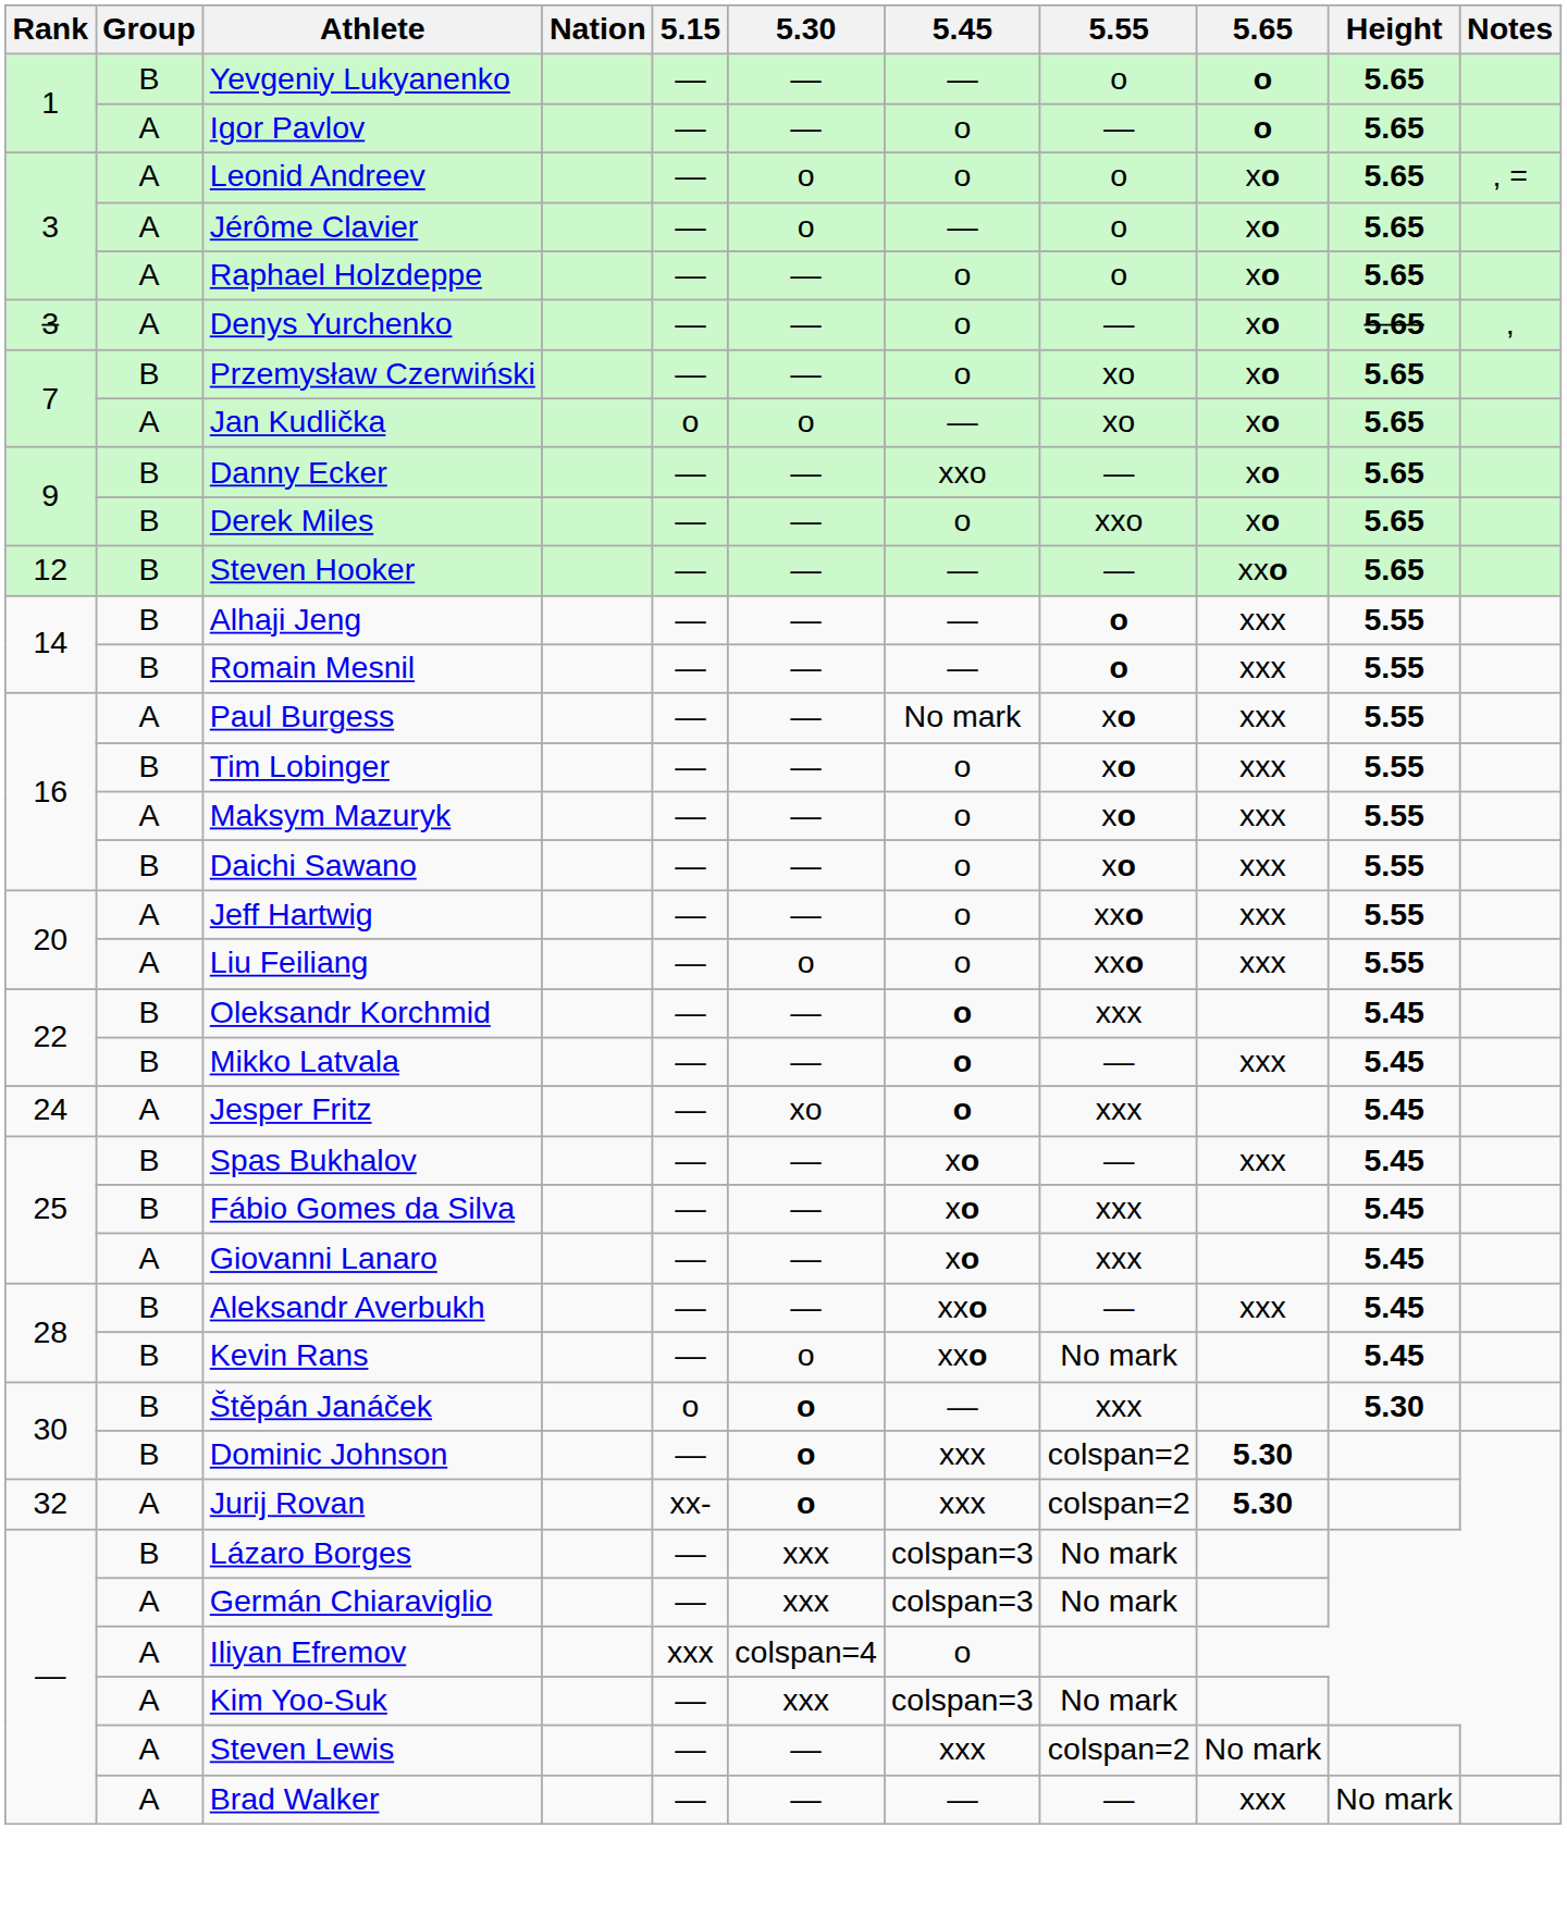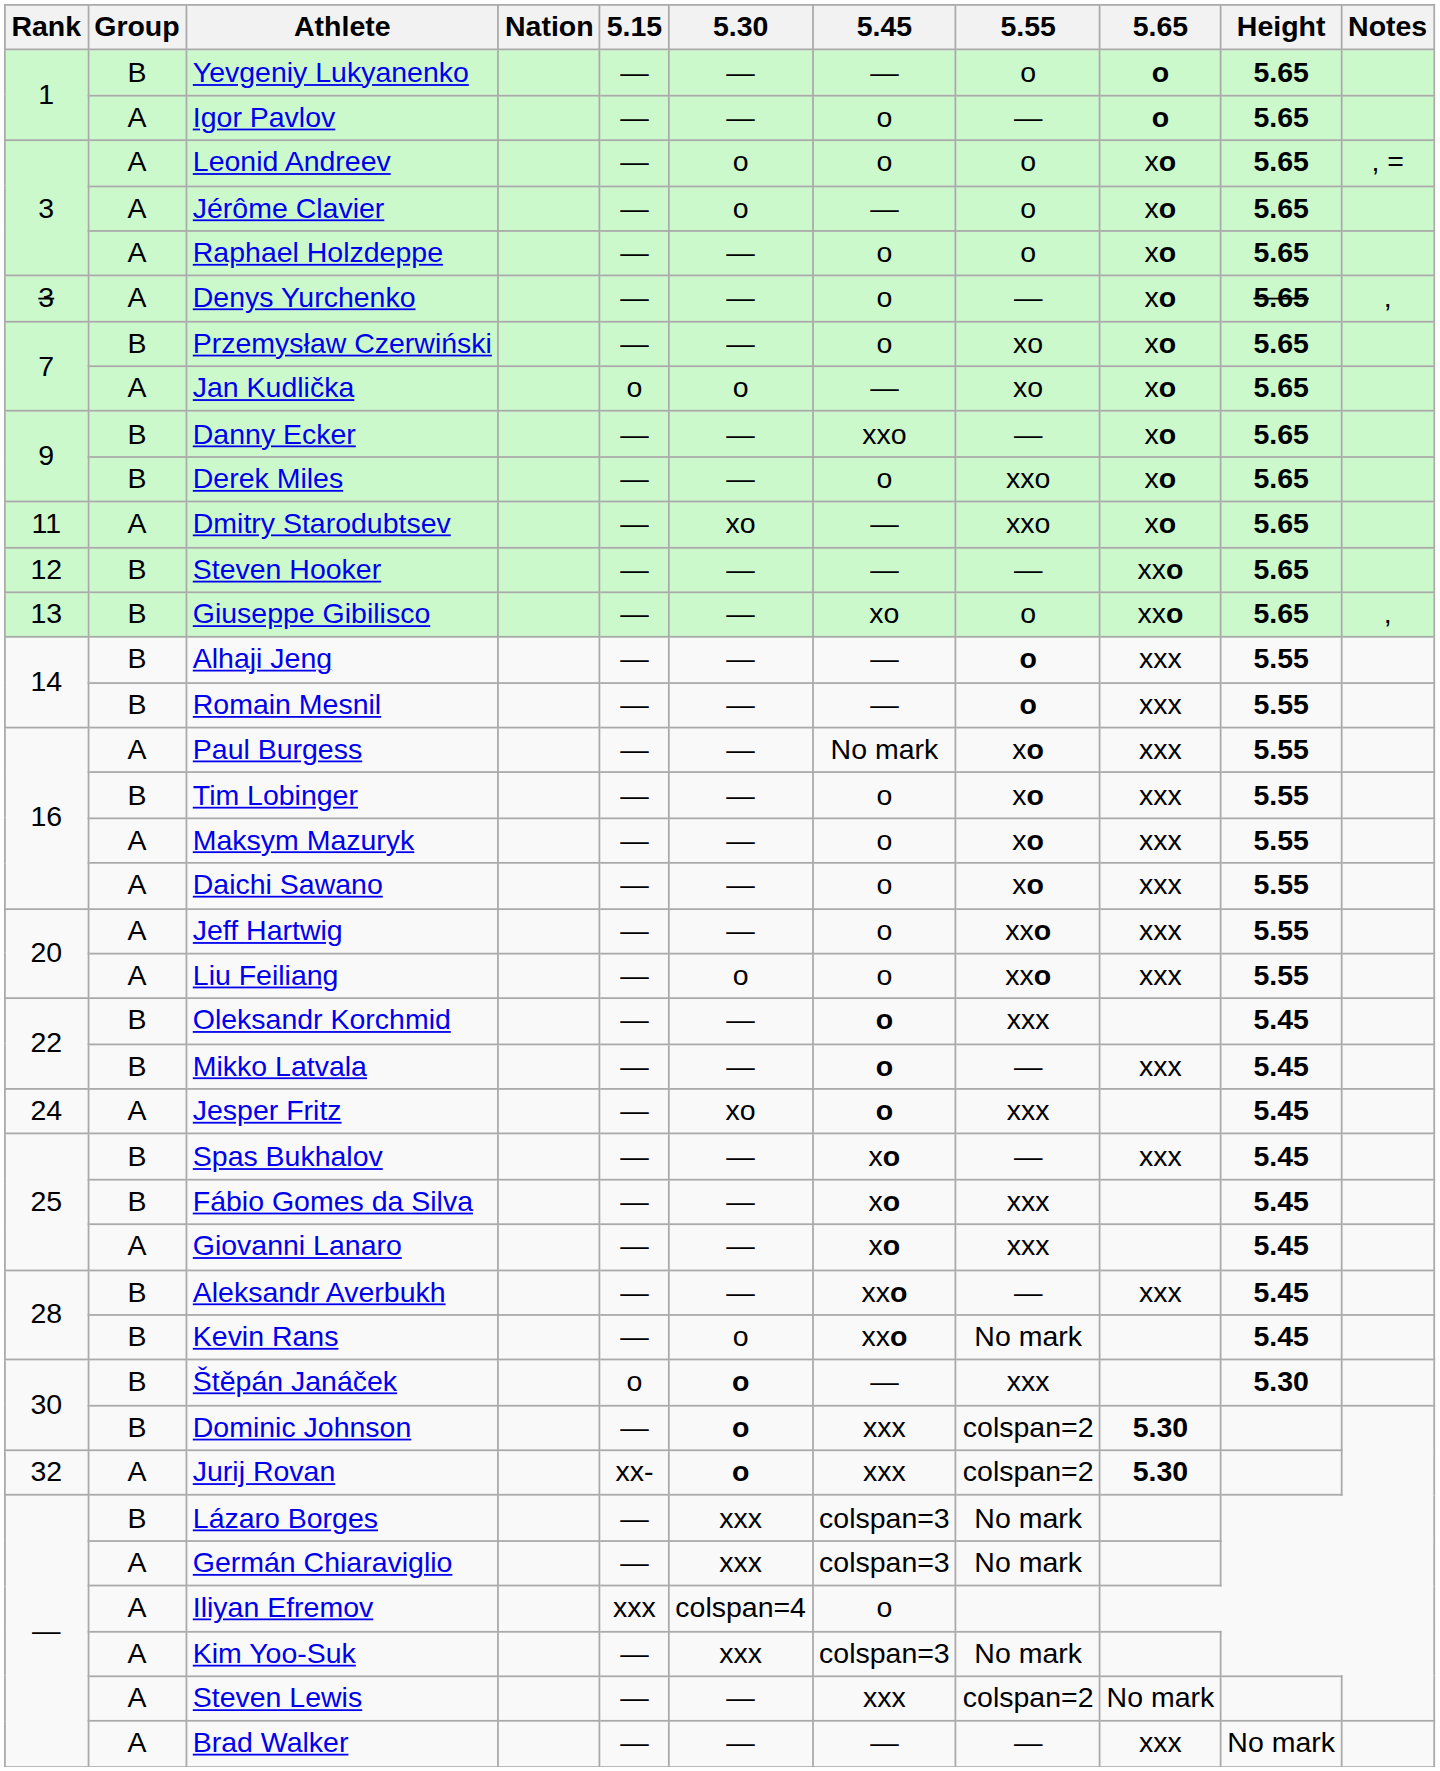 <table class="wikitable sortable" style="text-align:center">
 <tr>
 <th>Rank</th>
 <th>Group</th>
 <th>Athlete</th>
 <th>Nation</th>
 <th>5.15</th>
 <th>5.30</th>
 <th>5.45</th>
 <th>5.55</th>
 <th>5.65</th>
 <th>Height</th>
 <th>Notes</th>
 </tr>
 <tr bgcolor=ccf9cc>
 <td rowspan=2>1</td>
 <td>B</td>
 <td align="left"><a href='#'>Yevgeniy Lukyanenko</a></td>
 <td align="left"></td>
 <td>—</td>
 <td>—</td>
 <td>—</td>
 <td>o</td>
 <td><strong>o</strong></td>
 <td><strong>5.65</strong></td>
 <td></td>
 </tr>
 <tr bgcolor=ccf9cc>
 <td>A</td>
 <td align="left"><a href='#'>Igor Pavlov</a></td>
 <td align="left"></td>
 <td>—</td>
 <td>—</td>
 <td>o</td>
 <td>—</td>
 <td><strong>o</strong></td>
 <td><strong>5.65</strong></td>
 <td></td>
 </tr>
 <tr bgcolor=ccf9cc>
 <td rowspan=3>3</td>
 <td>A</td>
 <td align="left"><a href='#'>Leonid Andreev</a></td>
 <td align="left"></td>
 <td>—</td>
 <td>o</td>
 <td>o</td>
 <td>o</td>
 <td>x<strong>o</strong></td>
 <td><strong>5.65</strong></td>
 <td>, =</td>
 </tr>
 <tr bgcolor=ccf9cc>
 <td>A</td>
 <td align="left"><a href='#'>Jérôme Clavier</a></td>
 <td align="left"></td>
 <td>—</td>
 <td>o</td>
 <td>—</td>
 <td>o</td>
 <td>x<strong>o</strong></td>
 <td><strong>5.65</strong></td>
 <td></td>
 </tr>
 <tr bgcolor=ccf9cc>
 <td>A</td>
 <td align="left"><a href='#'>Raphael Holzdeppe</a></td>
 <td align="left"></td>
 <td>—</td>
 <td>—</td>
 <td>o</td>
 <td>o</td>
 <td>x<strong>o</strong></td>
 <td><strong>5.65</strong></td>
 <td></td>
 </tr>
 <tr bgcolor=ccf9cc>
 <td><s>3</s></td>
 <td>A</td>
 <td align="left"><a href='#'>Denys Yurchenko</a></td>
 <td align="left"></td>
 <td>—</td>
 <td>—</td>
 <td>o</td>
 <td>—</td>
 <td>x<strong>o</strong></td>
 <td><s><strong>5.65</strong></s></td>
 <td>, </td>
 </tr>
 <tr bgcolor=ccf9cc>
 <td rowspan=2>7</td>
 <td>B</td>
 <td align="left"><a href='#'>Przemysław Czerwiński</a></td>
 <td align="left"></td>
 <td>—</td>
 <td>—</td>
 <td>o</td>
 <td>xo</td>
 <td>x<strong>o</strong></td>
 <td><strong>5.65</strong></td>
 <td></td>
 </tr>
 <tr bgcolor=ccf9cc>
 <td>A</td>
 <td align="left"><a href='#'>Jan Kudlička</a></td>
 <td align="left"></td>
 <td>o</td>
 <td>o</td>
 <td>—</td>
 <td>xo</td>
 <td>x<strong>o</strong></td>
 <td><strong>5.65</strong></td>
 <td></td>
 </tr>
 <tr bgcolor=ccf9cc>
 <td rowspan=2>9</td>
 <td>B</td>
 <td align="left"><a href='#'>Danny Ecker</a></td>
 <td align="left"></td>
 <td>—</td>
 <td>—</td>
 <td>xxo</td>
 <td>—</td>
 <td>x<strong>o</strong></td>
 <td><strong>5.65</strong></td>
 <td></td>
 </tr>
 <tr bgcolor=ccf9cc>
 <td>B</td>
 <td align="left"><a href='#'>Derek Miles</a></td>
 <td align="left"></td>
 <td>—</td>
 <td>—</td>
 <td>o</td>
 <td>xxo</td>
 <td>x<strong>o</strong></td>
 <td><strong>5.65</strong></td>
 <td></td>
 </tr>
 <tr bgcolor=ccf9cc>
+<td>11</td>
+<td>A</td>
+<td align="left"><a href='#'>Dmitry Starodubtsev</a></td>
+<td align="left"></td>
+<td>—</td>
+<td>xo</td>
+<td>—</td>
+<td>xxo</td>
+<td>x<strong>o</strong></td>
+<td><strong>5.65</strong></td>
+<td></td>
+</tr>
+<tr bgcolor=ccf9cc>
 <td>12</td>
 <td>B</td>
 <td align="left"><a href='#'>Steven Hooker</a></td>
 <td align="left"></td>
 <td>—</td>
 <td>—</td>
 <td>—</td>
 <td>—</td>
 <td>xx<strong>o</strong></td>
 <td><strong>5.65</strong></td>
 <td></td>
+</tr>
+<tr bgcolor=ccf9cc>
+<td>13</td>
+<td>B</td>
+<td align="left"><a href='#'>Giuseppe Gibilisco</a></td>
+<td align="left"></td>
+<td>—</td>
+<td>—</td>
+<td>xo</td>
+<td>o</td>
+<td>xx<strong>o</strong></td>
+<td><strong>5.65</strong></td>
+<td>, </td>
 </tr>
 <tr>
 <td rowspan=2>14</td>
 <td>B</td>
 <td align="left"><a href='#'>Alhaji Jeng</a></td>
 <td align="left"></td>
 <td>—</td>
 <td>—</td>
 <td>—</td>
 <td><strong>o</strong></td>
 <td>xxx</td>
 <td><strong>5.55</strong></td>
 <td></td>
 </tr>
 <tr>
 <td>B</td>
 <td align="left"><a href='#'>Romain Mesnil</a></td>
 <td align="left"></td>
 <td>—</td>
 <td>—</td>
 <td>—</td>
 <td><strong>o</strong></td>
 <td>xxx</td>
 <td><strong>5.55</strong></td>
 <td></td>
 </tr>
 <tr>
 <td rowspan=4>16</td>
 <td>A</td>
 <td align="left"><a href='#'>Paul Burgess</a></td>
 <td align="left"></td>
 <td>—</td>
 <td>—</td>
 <td data-sort-value=1.00>No mark</td>
 <td>x<strong>o</strong></td>
 <td>xxx</td>
 <td><strong>5.55</strong></td>
 <td></td>
 </tr>
 <tr>
 <td>B</td>
 <td align="left"><a href='#'>Tim Lobinger</a></td>
 <td align="left"></td>
 <td>—</td>
 <td>—</td>
 <td>o</td>
 <td>x<strong>o</strong></td>
 <td>xxx</td>
 <td><strong>5.55</strong></td>
 <td></td>
 </tr>
 <tr>
 <td>A</td>
 <td align="left"><a href='#'>Maksym Mazuryk</a></td>
 <td align="left"></td>
 <td>—</td>
 <td>—</td>
 <td>o</td>
 <td>x<strong>o</strong></td>
 <td>xxx</td>
 <td><strong>5.55</strong></td>
 <td></td>
 </tr>
 <tr>
-<td>B</td>
+<td>A</td>
 <td align="left"><a href='#'>Daichi Sawano</a></td>
 <td align="left"></td>
 <td>—</td>
 <td>—</td>
 <td>o</td>
 <td>x<strong>o</strong></td>
 <td>xxx</td>
 <td><strong>5.55</strong></td>
 <td></td>
 </tr>
 <tr>
 <td rowspan=2>20</td>
 <td>A</td>
 <td align="left"><a href='#'>Jeff Hartwig</a></td>
 <td align="left"></td>
 <td>—</td>
 <td>—</td>
 <td>o</td>
 <td>xx<strong>o</strong></td>
 <td>xxx</td>
 <td><strong>5.55</strong></td>
 <td></td>
 </tr>
 <tr>
 <td>A</td>
 <td align="left"><a href='#'>Liu Feiliang</a></td>
 <td align="left"></td>
 <td>—</td>
 <td>o</td>
 <td>o</td>
 <td>xx<strong>o</strong></td>
 <td>xxx</td>
 <td><strong>5.55</strong></td>
 <td></td>
 </tr>
 <tr>
 <td rowspan=2>22</td>
 <td>B</td>
 <td align="left"><a href='#'>Oleksandr Korchmid</a></td>
 <td align="left"></td>
 <td>—</td>
 <td>—</td>
 <td><strong>o</strong></td>
 <td>xxx</td>
 <td></td>
 <td><strong>5.45</strong></td>
 <td></td>
 </tr>
 <tr>
 <td>B</td>
 <td align="left"><a href='#'>Mikko Latvala</a></td>
 <td align="left"></td>
 <td>—</td>
 <td>—</td>
 <td><strong>o</strong></td>
 <td>—</td>
 <td>xxx</td>
 <td><strong>5.45</strong></td>
 <td></td>
 </tr>
 <tr>
 <td>24</td>
 <td>A</td>
 <td align="left"><a href='#'>Jesper Fritz</a></td>
 <td align="left"></td>
 <td>—</td>
 <td>xo</td>
 <td><strong>o</strong></td>
 <td>xxx</td>
 <td></td>
 <td><strong>5.45</strong></td>
 <td></td>
 </tr>
 <tr>
 <td rowspan=3>25</td>
 <td>B</td>
 <td align="left"><a href='#'>Spas Bukhalov</a></td>
 <td align="left"></td>
 <td>—</td>
 <td>—</td>
 <td>x<strong>o</strong></td>
 <td>—</td>
 <td>xxx</td>
 <td><strong>5.45</strong></td>
 <td></td>
 </tr>
 <tr>
 <td>B</td>
 <td align="left"><a href='#'>Fábio Gomes da Silva</a></td>
 <td align="left"></td>
 <td>—</td>
 <td>—</td>
 <td>x<strong>o</strong></td>
 <td>xxx</td>
 <td></td>
 <td><strong>5.45</strong></td>
 <td></td>
 </tr>
 <tr>
 <td>A</td>
 <td align="left"><a href='#'>Giovanni Lanaro</a></td>
 <td align="left"></td>
 <td>—</td>
 <td>—</td>
 <td>x<strong>o</strong></td>
 <td>xxx</td>
 <td></td>
 <td><strong>5.45</strong></td>
 <td></td>
 </tr>
 <tr>
 <td rowspan=2>28</td>
 <td>B</td>
 <td align="left"><a href='#'>Aleksandr Averbukh</a></td>
 <td align="left"></td>
 <td>—</td>
 <td>—</td>
 <td>xx<strong>o</strong></td>
 <td>—</td>
 <td>xxx</td>
 <td><strong>5.45</strong></td>
 <td></td>
 </tr>
 <tr>
 <td>B</td>
 <td align="left"><a href='#'>Kevin Rans</a></td>
 <td align="left"></td>
 <td>—</td>
 <td>o</td>
 <td>xx<strong>o</strong></td>
 <td data-sort-value=1.00>No mark</td>
 <td></td>
 <td><strong>5.45</strong></td>
 <td></td>
 </tr>
 <tr>
 <td rowspan=2>30</td>
 <td>B</td>
 <td align="left"><a href='#'>Štěpán Janáček</a></td>
 <td align="left"></td>
 <td>o</td>
 <td><strong>o</strong></td>
 <td>—</td>
 <td>xxx</td>
 <td></td>
 <td><strong>5.30</strong></td>
 <td></td>
 </tr>
 <tr>
 <td>B</td>
 <td align="left"><a href='#'>Dominic Johnson</a></td>
 <td align="left"></td>
 <td>—</td>
 <td><strong>o</strong></td>
 <td>xxx</td>
 <td>colspan=2 </td>
 <td><strong>5.30</strong></td>
 <td></td>
 </tr>
 <tr>
 <td>32</td>
 <td>A</td>
 <td align="left"><a href='#'>Jurij Rovan</a></td>
 <td align="left"></td>
 <td>xx-</td>
 <td><strong>o</strong></td>
 <td>xxx</td>
 <td>colspan=2 </td>
 <td><strong>5.30</strong></td>
 <td></td>
 </tr>
 <tr>
 <td rowspan=6 data-sort-value=33>—</td>
 <td>B</td>
 <td align="left"><a href='#'>Lázaro Borges</a></td>
 <td align="left"></td>
 <td>—</td>
 <td>xxx</td>
 <td>colspan=3 </td>
 <td data-sort-value=1.00>No mark</td>
 <td></td>
 </tr>
 <tr>
 <td>A</td>
 <td align="left"><a href='#'>Germán Chiaraviglio</a></td>
 <td align="left"></td>
 <td>—</td>
 <td>xxx</td>
 <td>colspan=3 </td>
 <td data-sort-value=1.00>No mark</td>
 <td></td>
 </tr>
 <tr>
 <td>A</td>
 <td align="left"><a href='#'>Iliyan Efremov</a></td>
 <td align="left"></td>
 <td>xxx</td>
 <td>colspan=4 </td>
 <td>o</td>
 <td></td>
 </tr>
 <tr>
 <td>A</td>
 <td align="left"><a href='#'>Kim Yoo-Suk</a></td>
 <td align="left"></td>
 <td>—</td>
 <td>xxx</td>
 <td>colspan=3 </td>
 <td data-sort-value=1.00>No mark</td>
 <td></td>
 </tr>
 <tr>
 <td>A</td>
 <td align="left"><a href='#'>Steven Lewis</a></td>
 <td align="left"></td>
 <td>—</td>
 <td>—</td>
 <td>xxx</td>
 <td>colspan=2 </td>
 <td data-sort-value=1.00>No mark</td>
 <td></td>
 </tr>
 <tr>
 <td>A</td>
 <td align="left"><a href='#'>Brad Walker</a></td>
 <td align="left"></td>
 <td>—</td>
 <td>—</td>
 <td>—</td>
 <td>—</td>
 <td>xxx</td>
 <td data-sort-value=1.00>No mark</td>
 <td></td>
 </tr>
 </table>
